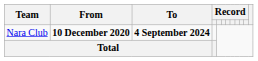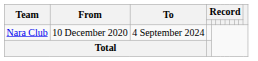 <table class=wikitable style=text-align:center>
 <tr>
 <th rowspan=2>Team</th>
 <th rowspan=2>From</th>
 <th rowspan=2>To</th>
 <th colspan=8>Record</th>
 <th rowspan=2></th>
 </tr>
 <tr>
 <th></th>
 <th></th>
 <th></th>
 <th></th>
 <th></th>
 <th></th>
 <th></th>
 <th></th>
 </tr>
 <tr>
 <td align=left><a href='#'>Nara Club</a></td>
-<td align=left><strong>10 December 2020</strong></td>
-<td align=left><strong>4 September 2024<br></strong></td>
+<td align=left>10 December 2020</td>
+<td align=left>4 September 2024<br></td>
 <td></td>
 </tr>
 <tr>
 <th colspan=3>Total<br></th>
 <th></th>
 </tr>
 </table>
